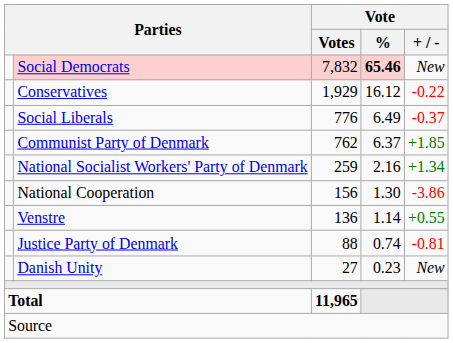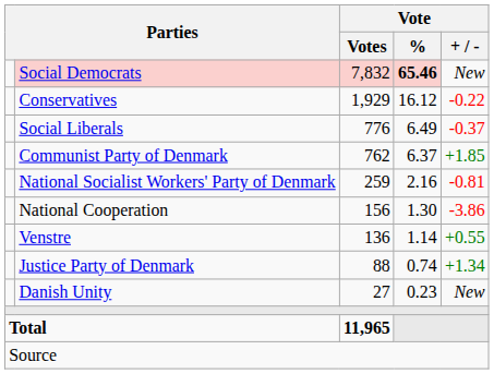 <table class="wikitable" style="text-align:right;">
 <tr>
 <th style="text-align:centre;" rowspan="2" colspan="2" width="225">Parties</th>
 <th colspan="3">Vote</th>
 </tr>
 <tr>
 <th width="15">Votes</th>
 <th width="15">%</th>
 <th width="15">+ / -</th>
 </tr>
 <tr>
 <td width="2" style="color:inherit;background:"></td>
 <td bgcolor=#fbd0ce  align="left"><a href='#'>Social Democrats</a></td>
 <td bgcolor=#fbd0ce>7,832</td>
 <td bgcolor=#fbd0ce><strong>65.46</strong></td>
 <td><em>New</em></td>
 </tr>
 <tr>
 <td width="2" style="color:inherit;background:"></td>
 <td align="left"><a href='#'>Conservatives</a></td>
 <td>1,929</td>
 <td>16.12</td>
 <td style=color:red;>-0.22</td>
 </tr>
 <tr>
 <td width="2" style="color:inherit;background:"></td>
 <td align="left"><a href='#'>Social Liberals</a></td>
 <td>776</td>
 <td>6.49</td>
 <td style=color:red;>-0.37</td>
 </tr>
 <tr>
 <td width="2" style="color:inherit;background:"></td>
 <td align="left"><a href='#'>Communist Party of Denmark</a></td>
 <td>762</td>
 <td>6.37</td>
 <td style=color:green;>+1.85</td>
 </tr>
 <tr>
 <td width="2" style="color:inherit;background:"></td>
 <td align="left"><a href='#'>National Socialist Workers' Party of Denmark</a></td>
 <td>259</td>
 <td>2.16</td>
-<td style=color:green;>+1.34</td>
+<td style=color:red;>-0.81</td>
 </tr>
 <tr>
 <td width="2" style="color:inherit;background:"></td>
 <td align="left">National Cooperation</td>
 <td>156</td>
 <td>1.30</td>
 <td style=color:red;>-3.86</td>
 </tr>
 <tr>
 <td width="2" style="color:inherit;background:"></td>
 <td align="left"><a href='#'>Venstre</a></td>
 <td>136</td>
 <td>1.14</td>
 <td style=color:green;>+0.55</td>
 </tr>
 <tr>
 <td width="2" style="color:inherit;background:"></td>
 <td align="left"><a href='#'>Justice Party of Denmark</a></td>
 <td>88</td>
 <td>0.74</td>
-<td style=color:red;>-0.81</td>
+<td style=color:green;>+1.34</td>
 </tr>
 <tr>
 <td width="2" style="color:inherit;background:"></td>
 <td align="left"><a href='#'>Danish Unity</a></td>
 <td>27</td>
 <td>0.23</td>
 <td><em>New</em></td>
 </tr>
 <tr>
 <td colspan="7" bgcolor="#E9E9E9"></td>
 </tr>
 <tr>
 <td align="left" colspan="2"><strong>Total</strong></td>
 <td><strong>11,965</strong></td>
 <td bgcolor="#E9E9E9" colspan="2"></td>
 </tr>
 <tr>
 <td align="left" colspan="6">Source</td>
 </tr>
 </table>
